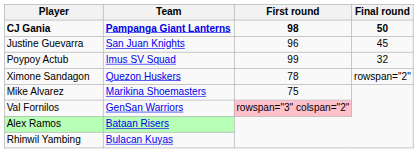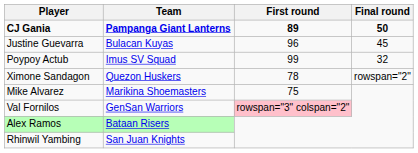 <table class="wikitable">
 <tr>
 <th width=150>Player</th>
 <th width=200>Team</th>
 <th>First round</th>
 <th>Final round</th>
 </tr>
 <tr>
 <td><strong>CJ Gania</strong></td>
 <td><strong><a href='#'>Pampanga Giant Lanterns</a></strong></td>
-<td align=center><strong>98</strong> </td>
+<td align=center><strong>89</strong> </td>
 <td align=center><strong>50</strong></td>
 </tr>
 <tr>
 <td>Justine Guevarra</td>
-<td><a href='#'>San Juan Knights</a></td>
+<td><a href='#'>Bulacan Kuyas</a></td>
 <td align=center>96 </td>
 <td align=center>45</td>
 </tr>
 <tr>
 <td>Poypoy Actub</td>
 <td><a href='#'>Imus SV Squad</a></td>
 <td align=center>99 </td>
 <td align=center>32</td>
 </tr>
 <tr>
 <td>Ximone Sandagon</td>
 <td><a href='#'>Quezon Huskers</a></td>
 <td align=center>78 </td>
 <td>rowspan="2" </td>
 </tr>
 <tr>
 <td>Mike Alvarez</td>
 <td><a href='#'>Marikina Shoemasters</a></td>
 <td align=center>75 </td>
 </tr>
 <tr>
 <td>Val Fornilos</td>
 <td><a href='#'>GenSan Warriors</a></td>
 <td style="background: pink;">rowspan="3" colspan="2" </td>
 </tr>
 <tr bgcolor=#B7FFB7>
 <td>Alex Ramos</td>
 <td><a href='#'>Bataan Risers</a></td>
 </tr>
 <tr>
 <td>Rhinwil Yambing</td>
-<td><a href='#'>Bulacan Kuyas</a></td>
+<td><a href='#'>San Juan Knights</a></td>
 </tr>
 </table>
